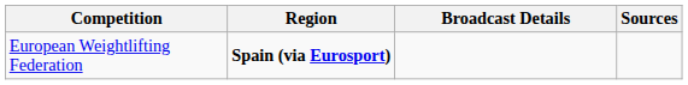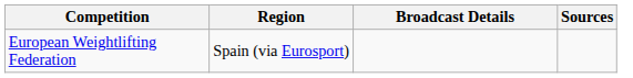 <table class="wikitable">
 <tr>
 <th width="200">Competition</th>
 <th>Region</th>
 <th width="200">Broadcast Details</th>
 <th>Sources</th>
 </tr>
 <tr>
 <td><a href='#'>European Weightlifting Federation</a></td>
-<td><strong>Spain (via <a href='#'>Eurosport</a>)</strong></td>
+<td>Spain (via <a href='#'>Eurosport</a>)</td>
 <td></td>
 </tr>
 </table>
